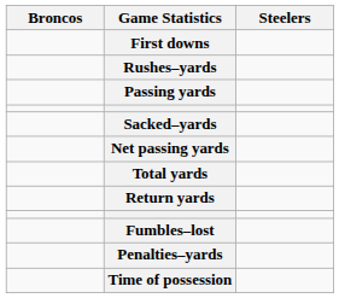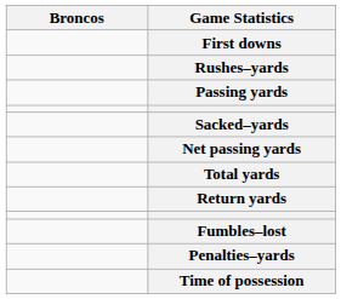 <table class="wikitable" style="margin: 1em auto 1em auto">
 <tr>
 <th style="width:30%;">Broncos</th>
 <th style="width:40%;">Game Statistics</th>
-<th style="width:30%;">Steelers</th>
 </tr>
 <tr>
 <td style="text-align:right;"></td>
 <th>First downs</th>
-<td></td>
 </tr>
 <tr>
 <td style="text-align:right;"></td>
 <th>Rushes–yards</th>
-<td></td>
 </tr>
 <tr>
 <td style="text-align:right;"></td>
 <th>Passing yards</th>
-<td></td>
 </tr>
 <tr>
 <td style="text-align:right;"></td>
 <th></th>
-<td></td>
 </tr>
 <tr>
 <td style="text-align:right;"></td>
 <th>Sacked–yards</th>
-<td></td>
 </tr>
 <tr>
 <td style="text-align:right;"></td>
 <th>Net passing yards</th>
-<td></td>
 </tr>
 <tr>
 <td style="text-align:right;"></td>
 <th>Total yards</th>
-<td></td>
 </tr>
 <tr>
 <td style="text-align:right;"></td>
 <th>Return yards</th>
-<td></td>
 </tr>
 <tr>
 <td style="text-align:right;"></td>
 <th></th>
-<td></td>
 </tr>
 <tr>
 <td style="text-align:right;"></td>
 <th>Fumbles–lost</th>
-<td></td>
 </tr>
 <tr>
 <td style="text-align:right;"></td>
 <th>Penalties–yards</th>
-<td></td>
 </tr>
 <tr>
 <td style="text-align:right;"></td>
 <th>Time of possession</th>
-<td></td>
 </tr>
 </table>
